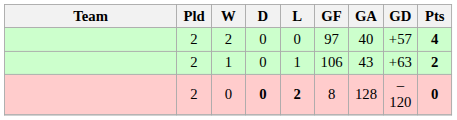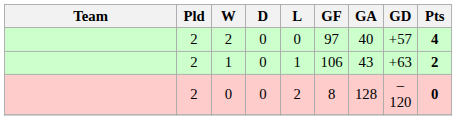 <table class="wikitable" style="text-align: center;">
 <tr>
 <th width="180">Team</th>
 <th width="30">Pld</th>
 <th width="30">W</th>
 <th width="30">D</th>
 <th width="30">L</th>
 <th width="30">GF</th>
 <th width="30">GA</th>
 <th width="30">GD</th>
 <th width="30">Pts</th>
 </tr>
 <tr bgcolor=ccffcc>
 <td align="left"></td>
 <td>2</td>
 <td>2</td>
 <td>0</td>
 <td>0</td>
 <td>97</td>
 <td>40</td>
 <td>+57</td>
 <td><strong>4</strong></td>
 </tr>
 <tr bgcolor=ccffcc>
 <td align="left"></td>
 <td>2</td>
 <td>1</td>
 <td>0</td>
 <td>1</td>
 <td>106</td>
 <td>43</td>
 <td>+63</td>
 <td><strong>2</strong></td>
 </tr>
 <tr bgcolor=ffcccc>
 <td align="left"></td>
 <td>2</td>
 <td>0</td>
-<td><strong>0</strong></td>
-<td><strong>2</strong></td>
+<td>0</td>
+<td>2</td>
 <td>8</td>
 <td>128</td>
 <td>–120</td>
 <td><strong>0</strong></td>
 </tr>
 <tr>
 </tr>
 </table>
